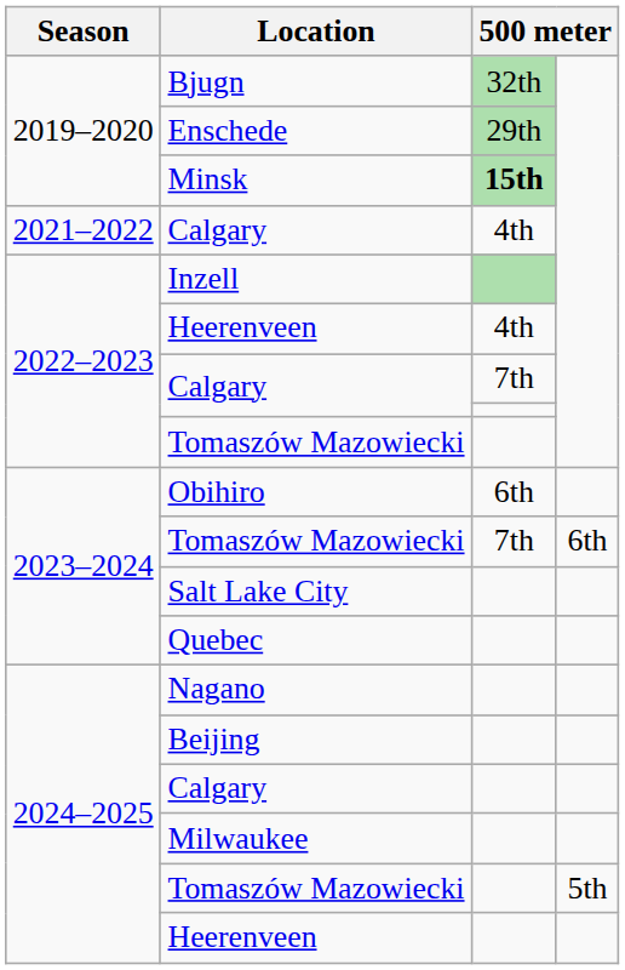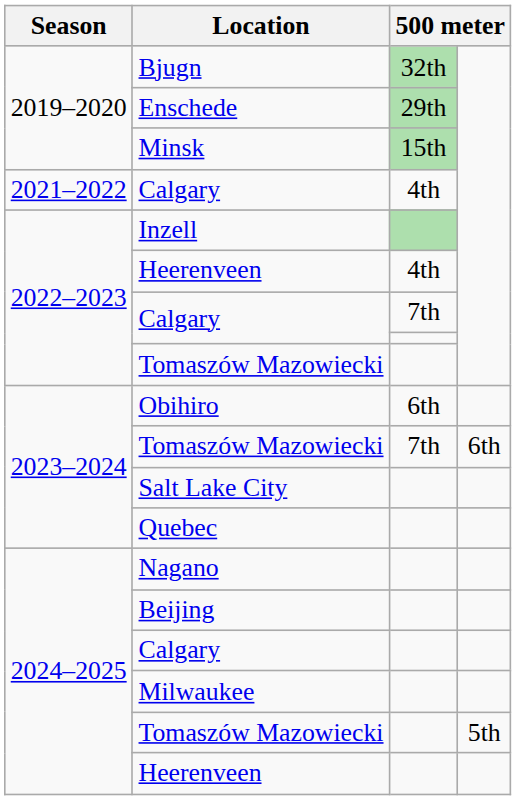 <table class="wikitable" style="display: inline-table;">
 <tr>
 <th>Season</th>
 <th>Location</th>
 <th colspan="2">500 meter</th>
 </tr>
 <tr style="text-align:center">
 <td rowspan=3>2019–2020</td>
 <td align=left> <a href='#'>Bjugn</a></td>
 <td style="background:#addfad;">32th</td>
 </tr>
 <tr style="text-align:center">
 <td align=left> <a href='#'>Enschede</a></td>
 <td style="background:#addfad;">29th</td>
 </tr>
 <tr style="text-align:center">
 <td align=left> <a href='#'>Minsk</a></td>
-<td style="background:#addfad;"><strong>15th</strong></td>
+<td style="background:#addfad;">15th</td>
 </tr>
 <tr style="text-align:center">
 <td><a href='#'>2021–2022</a></td>
 <td align=left> <a href='#'>Calgary</a></td>
 <td>4th</td>
 </tr>
 <tr style="text-align:center">
 <td rowspan=5><a href='#'>2022–2023</a></td>
 <td align=left> <a href='#'>Inzell</a></td>
 <td style="background:#addfad;"></td>
 </tr>
 <tr style="text-align:center">
 <td align=left> <a href='#'>Heerenveen</a></td>
 <td>4th</td>
 </tr>
 <tr style="text-align:center">
 <td rowspan=2 align=left> <a href='#'>Calgary</a></td>
 <td>7th</td>
 </tr>
 <tr style="text-align:center">
 <td></td>
 </tr>
 <tr style="text-align:center">
 <td align=left> <a href='#'>Tomaszów Mazowiecki</a></td>
 <td></td>
 </tr>
 <tr style="text-align:center">
 <td rowspan=4><a href='#'>2023–2024</a></td>
 <td align=left> <a href='#'>Obihiro</a></td>
 <td>6th</td>
 <td></td>
 </tr>
 <tr style="text-align:center">
 <td align=left> <a href='#'>Tomaszów Mazowiecki</a></td>
 <td>7th</td>
 <td>6th</td>
 </tr>
 <tr style="text-align:center">
 <td align=left> <a href='#'>Salt Lake City</a></td>
 <td></td>
 </tr>
 <tr style="text-align:center">
 <td align=left> <a href='#'>Quebec</a></td>
 <td></td>
 <td></td>
 </tr>
 <tr style="text-align:center">
 <td rowspan=6><a href='#'>2024–2025</a></td>
 <td align=left> <a href='#'>Nagano</a></td>
 <td></td>
 <td></td>
 </tr>
 <tr style="text-align:center">
 <td align=left> <a href='#'>Beijing</a></td>
 <td></td>
 <td></td>
 </tr>
 <tr style="text-align:center">
 <td align=left> <a href='#'>Calgary</a></td>
 <td></td>
 </tr>
 <tr style="text-align:center">
 <td align=left> <a href='#'>Milwaukee</a></td>
 <td></td>
 <td></td>
 </tr>
 <tr style="text-align:center">
 <td align=left> <a href='#'>Tomaszów Mazowiecki</a></td>
 <td></td>
 <td>5th</td>
 </tr>
 <tr style="text-align:center">
 <td align=left> <a href='#'>Heerenveen</a></td>
 <td></td>
 </tr>
 </table>
